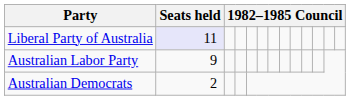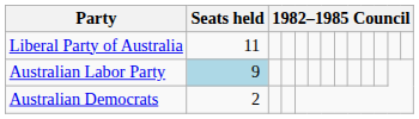 <table class="wikitable">
 <tr>
 <th rowspan=1>Party</th>
 <th colspan=1>Seats held</th>
 <th rowspan=1 colspan=11>1982–1985 Council</th>
 </tr>
 <tr>
 <td><a href='#'>Liberal Party of Australia</a></td>
-<td align=right style="background: lavender;">11 </td>
+<td align=right>11 </td>
 <td> </td>
 <td> </td>
 <td> </td>
 <td> </td>
 <td> </td>
 <td> </td>
 <td> </td>
 <td> </td>
 <td> </td>
 <td> </td>
 <td> </td>
 </tr>
 <tr>
 <td><a href='#'>Australian Labor Party</a></td>
-<td align=right>9 </td>
+<td align=right style="background: lightblue;">9 </td>
 <td> </td>
 <td> </td>
 <td> </td>
 <td> </td>
 <td> </td>
 <td> </td>
 <td> </td>
 <td> </td>
 <td> </td>
 </tr>
 <tr>
 <td><a href='#'>Australian Democrats</a></td>
 <td align=right>2 </td>
 <td> </td>
 <td> </td>
 </tr>
 </table>
